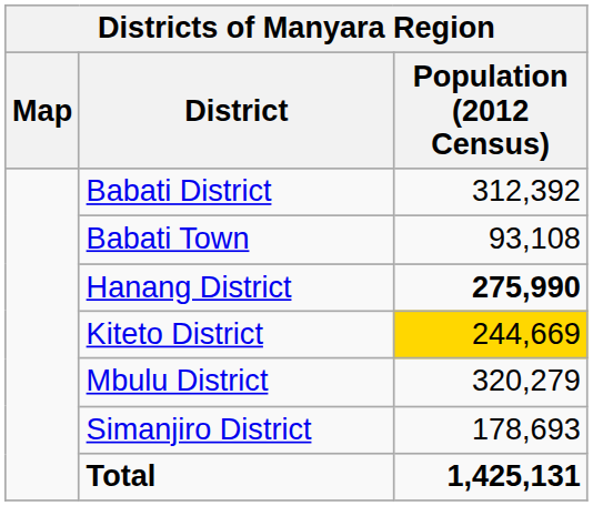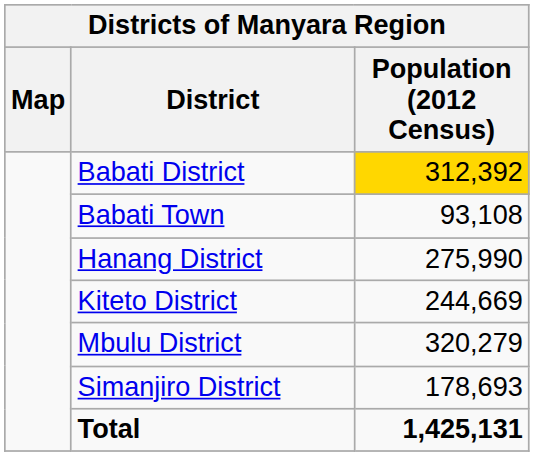 <table class="wikitable">
 <tr>
 <th colspan="7">Districts of Manyara Region</th>
 </tr>
 <tr style="text-align:center;">
 <th>Map</th>
 <th style="width: 10em">District</th>
 <th style="width: 6em">Population<br>(2012 Census)</th>
 </tr>
 <tr>
 <td rowspan=7></td>
 <td><a href='#'>Babati District</a></td>
-<td style="text-align:right;">312,392</td>
+<td style="background: gold; text-align:right;">312,392</td>
 </tr>
 <tr>
 <td><a href='#'>Babati Town</a></td>
 <td style="text-align:right;">93,108</td>
 </tr>
 <tr>
 <td><a href='#'>Hanang District</a></td>
-<td style="text-align:right;"><strong>275,990</strong></td>
+<td style="text-align:right;">275,990</td>
 </tr>
 <tr>
 <td><a href='#'>Kiteto District</a></td>
-<td style="background: gold; text-align:right;">244,669</td>
+<td style="text-align:right;">244,669</td>
 </tr>
 <tr>
 <td><a href='#'>Mbulu District</a></td>
 <td style="text-align:right;">320,279</td>
 </tr>
 <tr>
 <td><a href='#'>Simanjiro District</a></td>
 <td style="text-align:right;">178,693</td>
 </tr>
 <tr>
 <td><strong>Total</strong></td>
 <td style="text-align:right;"><strong>1,425,131</strong></td>
 </tr>
 </table>
